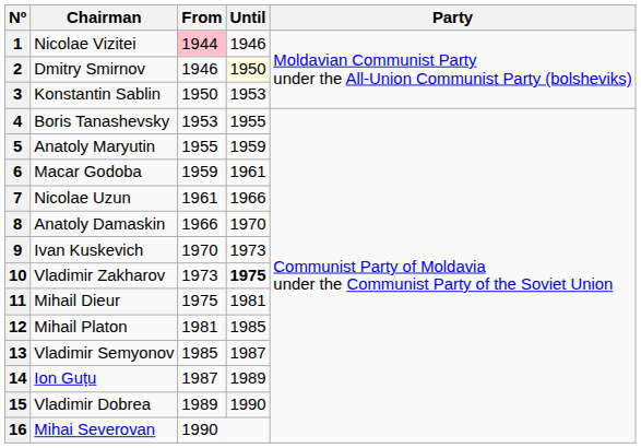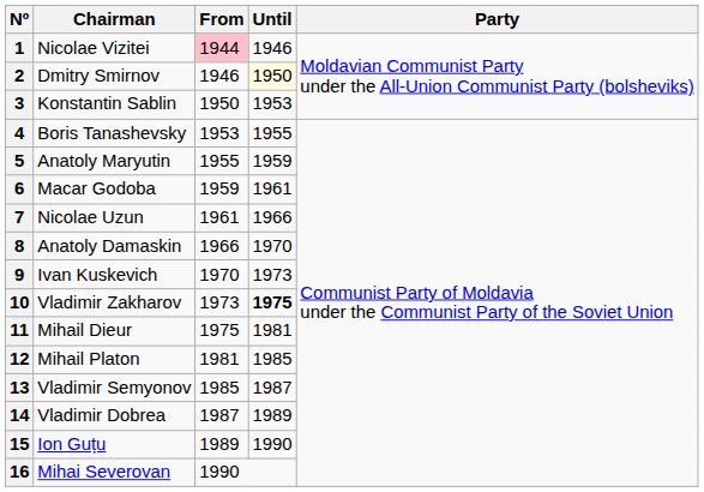 <table class="wikitable">
 <tr>
 <th>Nº</th>
 <th>Chairman</th>
 <th>From</th>
 <th>Until</th>
 <th>Party</th>
 </tr>
 <tr>
 <th style="background:">1</th>
 <td>Nicolae Vizitei</td>
 <td style="background: pink;">1944</td>
 <td>1946</td>
 <td rowspan=3><a href='#'>Moldavian Communist Party</a><br>under the <a href='#'>All-Union Communist Party (bolsheviks)</a></td>
 </tr>
 <tr>
 <th style="background:">2</th>
 <td>Dmitry Smirnov</td>
 <td>1946</td>
 <td style="background: lightyellow;">1950</td>
 </tr>
 <tr>
 <th style="background:">3</th>
 <td>Konstantin Sablin</td>
 <td>1950</td>
 <td>1953</td>
 </tr>
 <tr>
 <th style="background:">4</th>
 <td>Boris Tanashevsky</td>
 <td>1953</td>
 <td>1955</td>
 <td rowspan=13><a href='#'>Communist Party of Moldavia</a><br>under the <a href='#'>Communist Party of the Soviet Union</a></td>
 </tr>
 <tr>
 <th style="background:">5</th>
 <td>Anatoly Maryutin</td>
 <td>1955</td>
 <td>1959</td>
 </tr>
 <tr>
 <th style="background:">6</th>
 <td>Macar Godoba</td>
 <td>1959</td>
 <td>1961</td>
 </tr>
 <tr>
 <th style="background:">7</th>
 <td>Nicolae Uzun</td>
 <td>1961</td>
 <td>1966</td>
 </tr>
 <tr>
 <th style="background:">8</th>
 <td>Anatoly Damaskin</td>
 <td>1966</td>
 <td>1970</td>
 </tr>
 <tr>
 <th style="background:">9</th>
 <td>Ivan Kuskevich</td>
 <td>1970</td>
 <td>1973</td>
 </tr>
 <tr>
 <th style="background:">10</th>
 <td>Vladimir Zakharov</td>
 <td>1973</td>
 <td><strong>1975</strong></td>
 </tr>
 <tr>
 <th style="background:">11</th>
 <td>Mihail Dieur</td>
 <td>1975</td>
 <td>1981</td>
 </tr>
 <tr>
 <th style="background:">12</th>
 <td>Mihail Platon</td>
 <td>1981</td>
 <td>1985</td>
 </tr>
 <tr>
 <th style="background:">13</th>
 <td>Vladimir Semyonov</td>
 <td>1985</td>
 <td>1987</td>
 </tr>
 <tr>
 <th style="background:">14</th>
-<td><a href='#'>Ion Guțu</a></td>
+<td>Vladimir Dobrea</td>
 <td>1987</td>
 <td>1989</td>
 </tr>
 <tr>
 <th style="background:">15</th>
-<td>Vladimir Dobrea</td>
+<td><a href='#'>Ion Guțu</a></td>
 <td>1989</td>
 <td>1990</td>
 </tr>
 <tr>
 <th style="background:">16</th>
 <td><a href='#'>Mihai Severovan</a></td>
 <td colspan=2>1990</td>
 </tr>
 </table>
